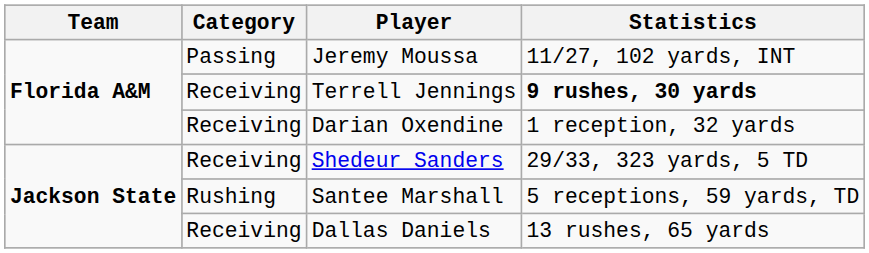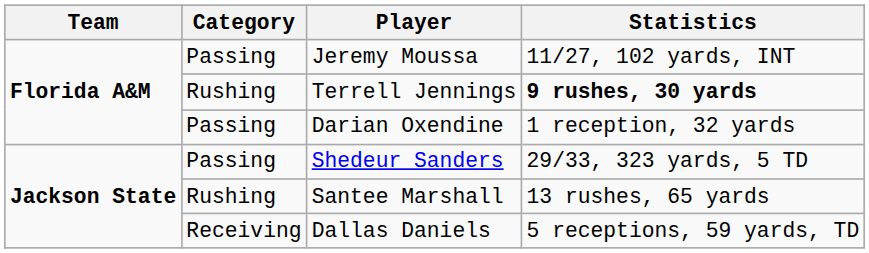 <table class="wikitable" style="float: left;">
 <tr>
 <th>Team</th>
 <th>Category</th>
 <th>Player</th>
 <th>Statistics</th>
 </tr>
 <tr>
 <td rowspan=3><strong>Florida A&M</strong></td>
 <td>Passing</td>
 <td>Jeremy Moussa</td>
 <td>11/27, 102 yards, INT</td>
 </tr>
 <tr>
-<td>Receiving</td>
+<td>Rushing</td>
 <td>Terrell Jennings</td>
 <td><strong>9 rushes, 30 yards</strong></td>
 </tr>
 <tr>
-<td>Receiving</td>
+<td>Passing</td>
 <td>Darian Oxendine</td>
 <td>1 reception, 32 yards</td>
 </tr>
 <tr>
 <td rowspan=3><strong>Jackson State</strong></td>
-<td>Receiving</td>
+<td>Passing</td>
 <td><a href='#'>Shedeur Sanders</a></td>
 <td>29/33, 323 yards, 5 TD</td>
 </tr>
 <tr>
 <td>Rushing</td>
 <td>Santee Marshall</td>
-<td>5 receptions, 59 yards, TD</td>
+<td>13 rushes, 65 yards</td>
 </tr>
 <tr>
 <td>Receiving</td>
 <td>Dallas Daniels</td>
-<td>13 rushes, 65 yards</td>
+<td>5 receptions, 59 yards, TD</td>
 </tr>
 </table>
